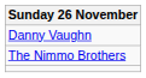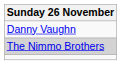 <table class="wikitable">
 <tr>
 <th>Sunday 26 November</th>
 </tr>
 <tr>
 <td><a href='#'>Danny Vaughn</a></td>
 </tr>
 <tr>
-<td><a href='#'>The Nimmo Brothers</a></td>
+<td style="background: lightgrey;"><a href='#'>The Nimmo Brothers</a></td>
 </tr>
 <tr>
 <td></td>
 </tr>
 </table>
